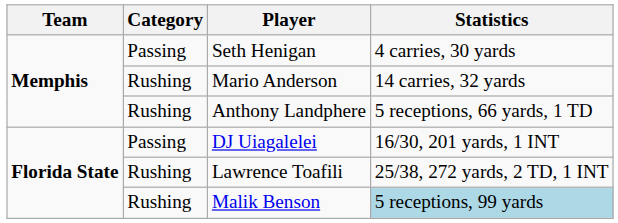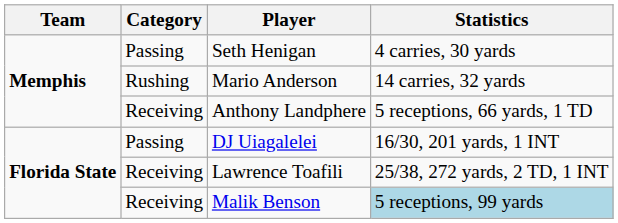 <table class="wikitable" style="float: right;">
 <tr>
 <th>Team</th>
 <th>Category</th>
 <th>Player</th>
 <th>Statistics</th>
 </tr>
 <tr>
 <td rowspan=3><strong>Memphis</strong></td>
 <td>Passing</td>
 <td>Seth Henigan</td>
 <td>4 carries, 30 yards</td>
 </tr>
 <tr>
 <td>Rushing</td>
 <td>Mario Anderson</td>
 <td>14 carries, 32 yards</td>
 </tr>
 <tr>
-<td>Rushing</td>
+<td>Receiving</td>
 <td>Anthony Landphere</td>
 <td>5 receptions, 66 yards, 1 TD</td>
 </tr>
 <tr>
 <td rowspan=3><strong>Florida State</strong></td>
 <td>Passing</td>
 <td><a href='#'>DJ Uiagalelei</a></td>
 <td>16/30, 201 yards, 1 INT</td>
 </tr>
 <tr>
-<td>Rushing</td>
+<td>Receiving</td>
 <td>Lawrence Toafili</td>
 <td>25/38, 272 yards, 2 TD, 1 INT</td>
 </tr>
 <tr>
-<td>Rushing</td>
+<td>Receiving</td>
 <td><a href='#'>Malik Benson</a></td>
 <td style="background: lightblue;">5 receptions, 99 yards</td>
 </tr>
 </table>
